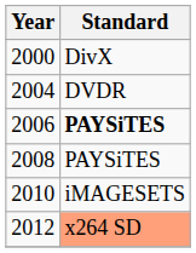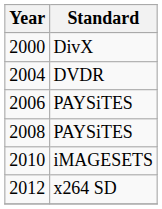 <table class="wikitable" style="text-align: left; float: right; margin: auto 0.5em">
 <tr>
 <th scope="col">Year</th>
 <th scope="col">Standard</th>
 </tr>
 <tr>
 <td>2000</td>
 <td>DivX</td>
 </tr>
 <tr>
 <td>2004</td>
 <td>DVDR</td>
 </tr>
 <tr>
 <td>2006</td>
-<td><strong>PAYSiTES</strong></td>
+<td>PAYSiTES</td>
 </tr>
 <tr>
 <td>2008</td>
 <td>PAYSiTES</td>
 </tr>
 <tr>
 <td>2010</td>
 <td>iMAGESETS</td>
 </tr>
 <tr>
 <td>2012</td>
-<td style="background: lightsalmon;">x264 SD</td>
+<td>x264 SD</td>
 </tr>
 <tr>
 </tr>
 </table>
